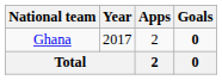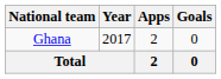 <table class="wikitable" style="text-align:center">
 <tr>
 <th>National team</th>
 <th>Year</th>
 <th>Apps</th>
 <th>Goals</th>
 </tr>
 <tr>
 <td><a href='#'>Ghana</a></td>
 <td>2017</td>
 <td>2</td>
-<td><strong>0</strong></td>
+<td>0</td>
 </tr>
 <tr>
 <th colspan="2">Total</th>
 <th>2</th>
 <th>0</th>
 </tr>
 </table>
